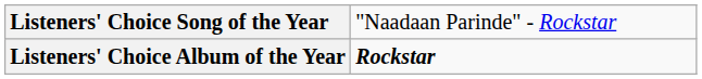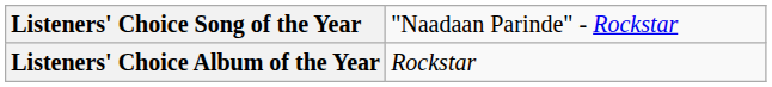 <table class="wikitable">
 <tr>
 <th style="text-align: left; width:50%;">Listeners' Choice Song of the Year</th>
 <td>"Naadaan Parinde" - <em><a href='#'>Rockstar</a></em></td>
 </tr>
 <tr>
 <th style="text-align: left;">Listeners' Choice Album of the Year</th>
-<td><strong><em>Rockstar</em></strong></td>
+<td><em>Rockstar</em></td>
 </tr>
 </table>
